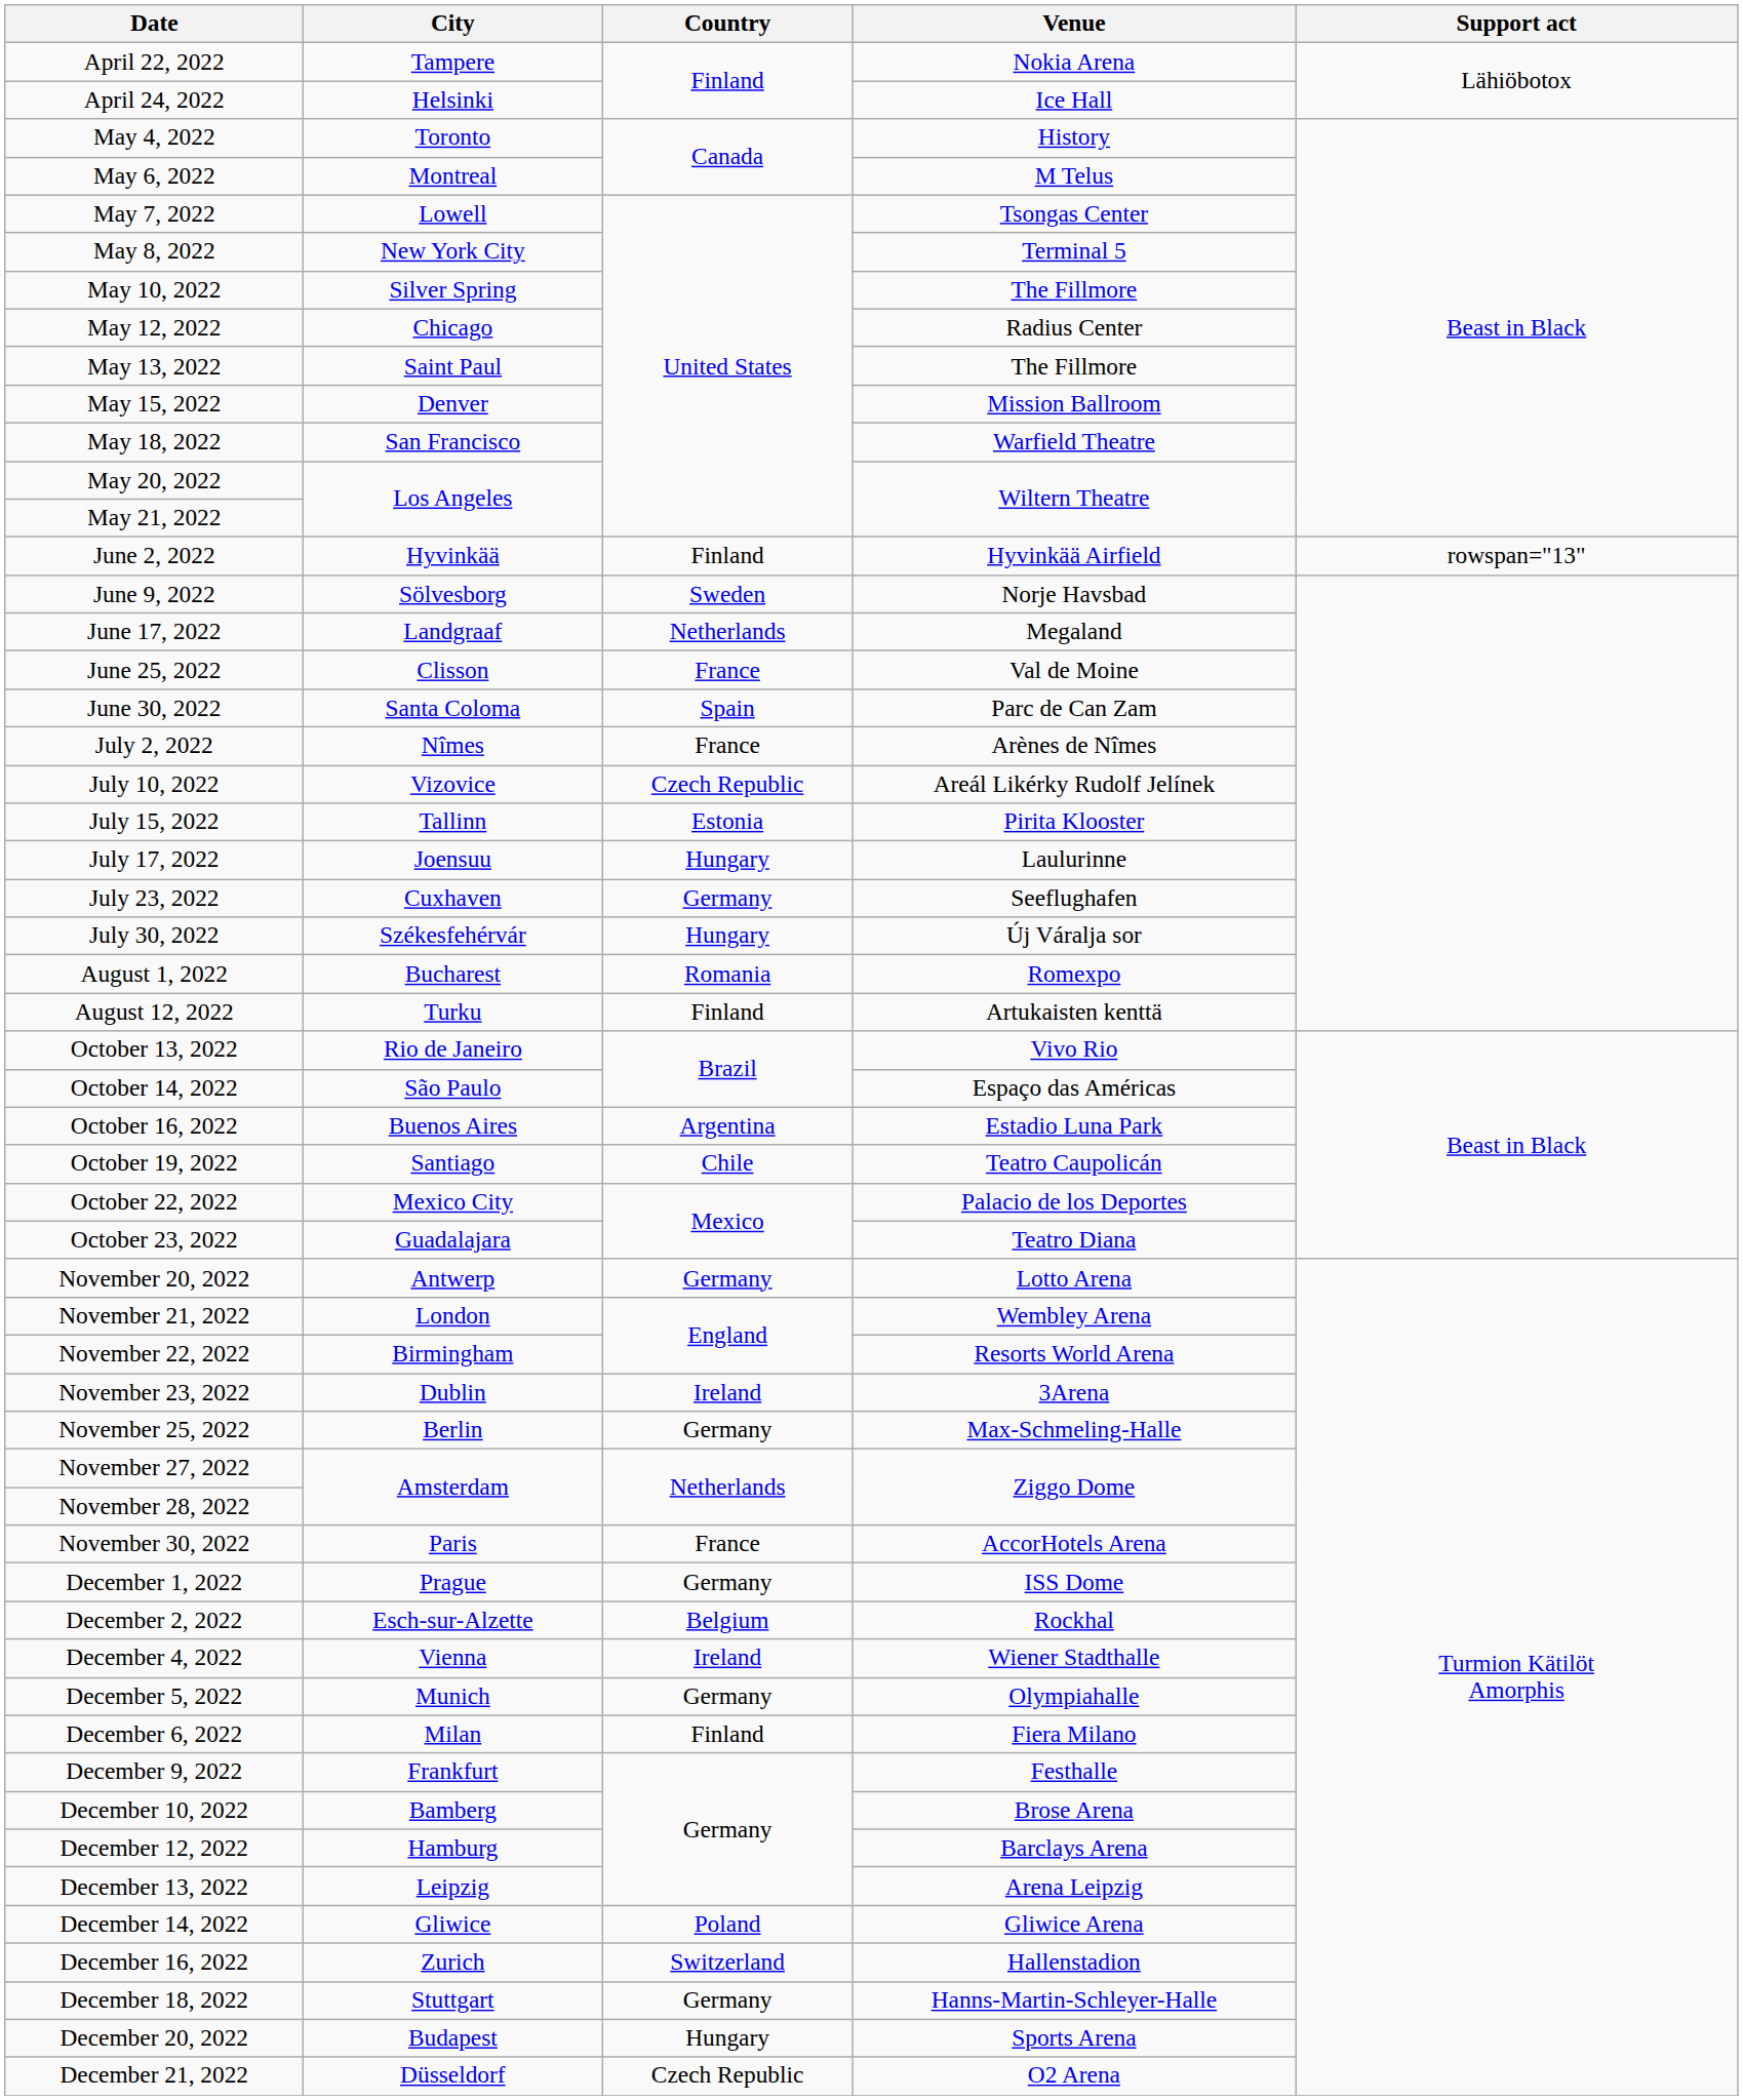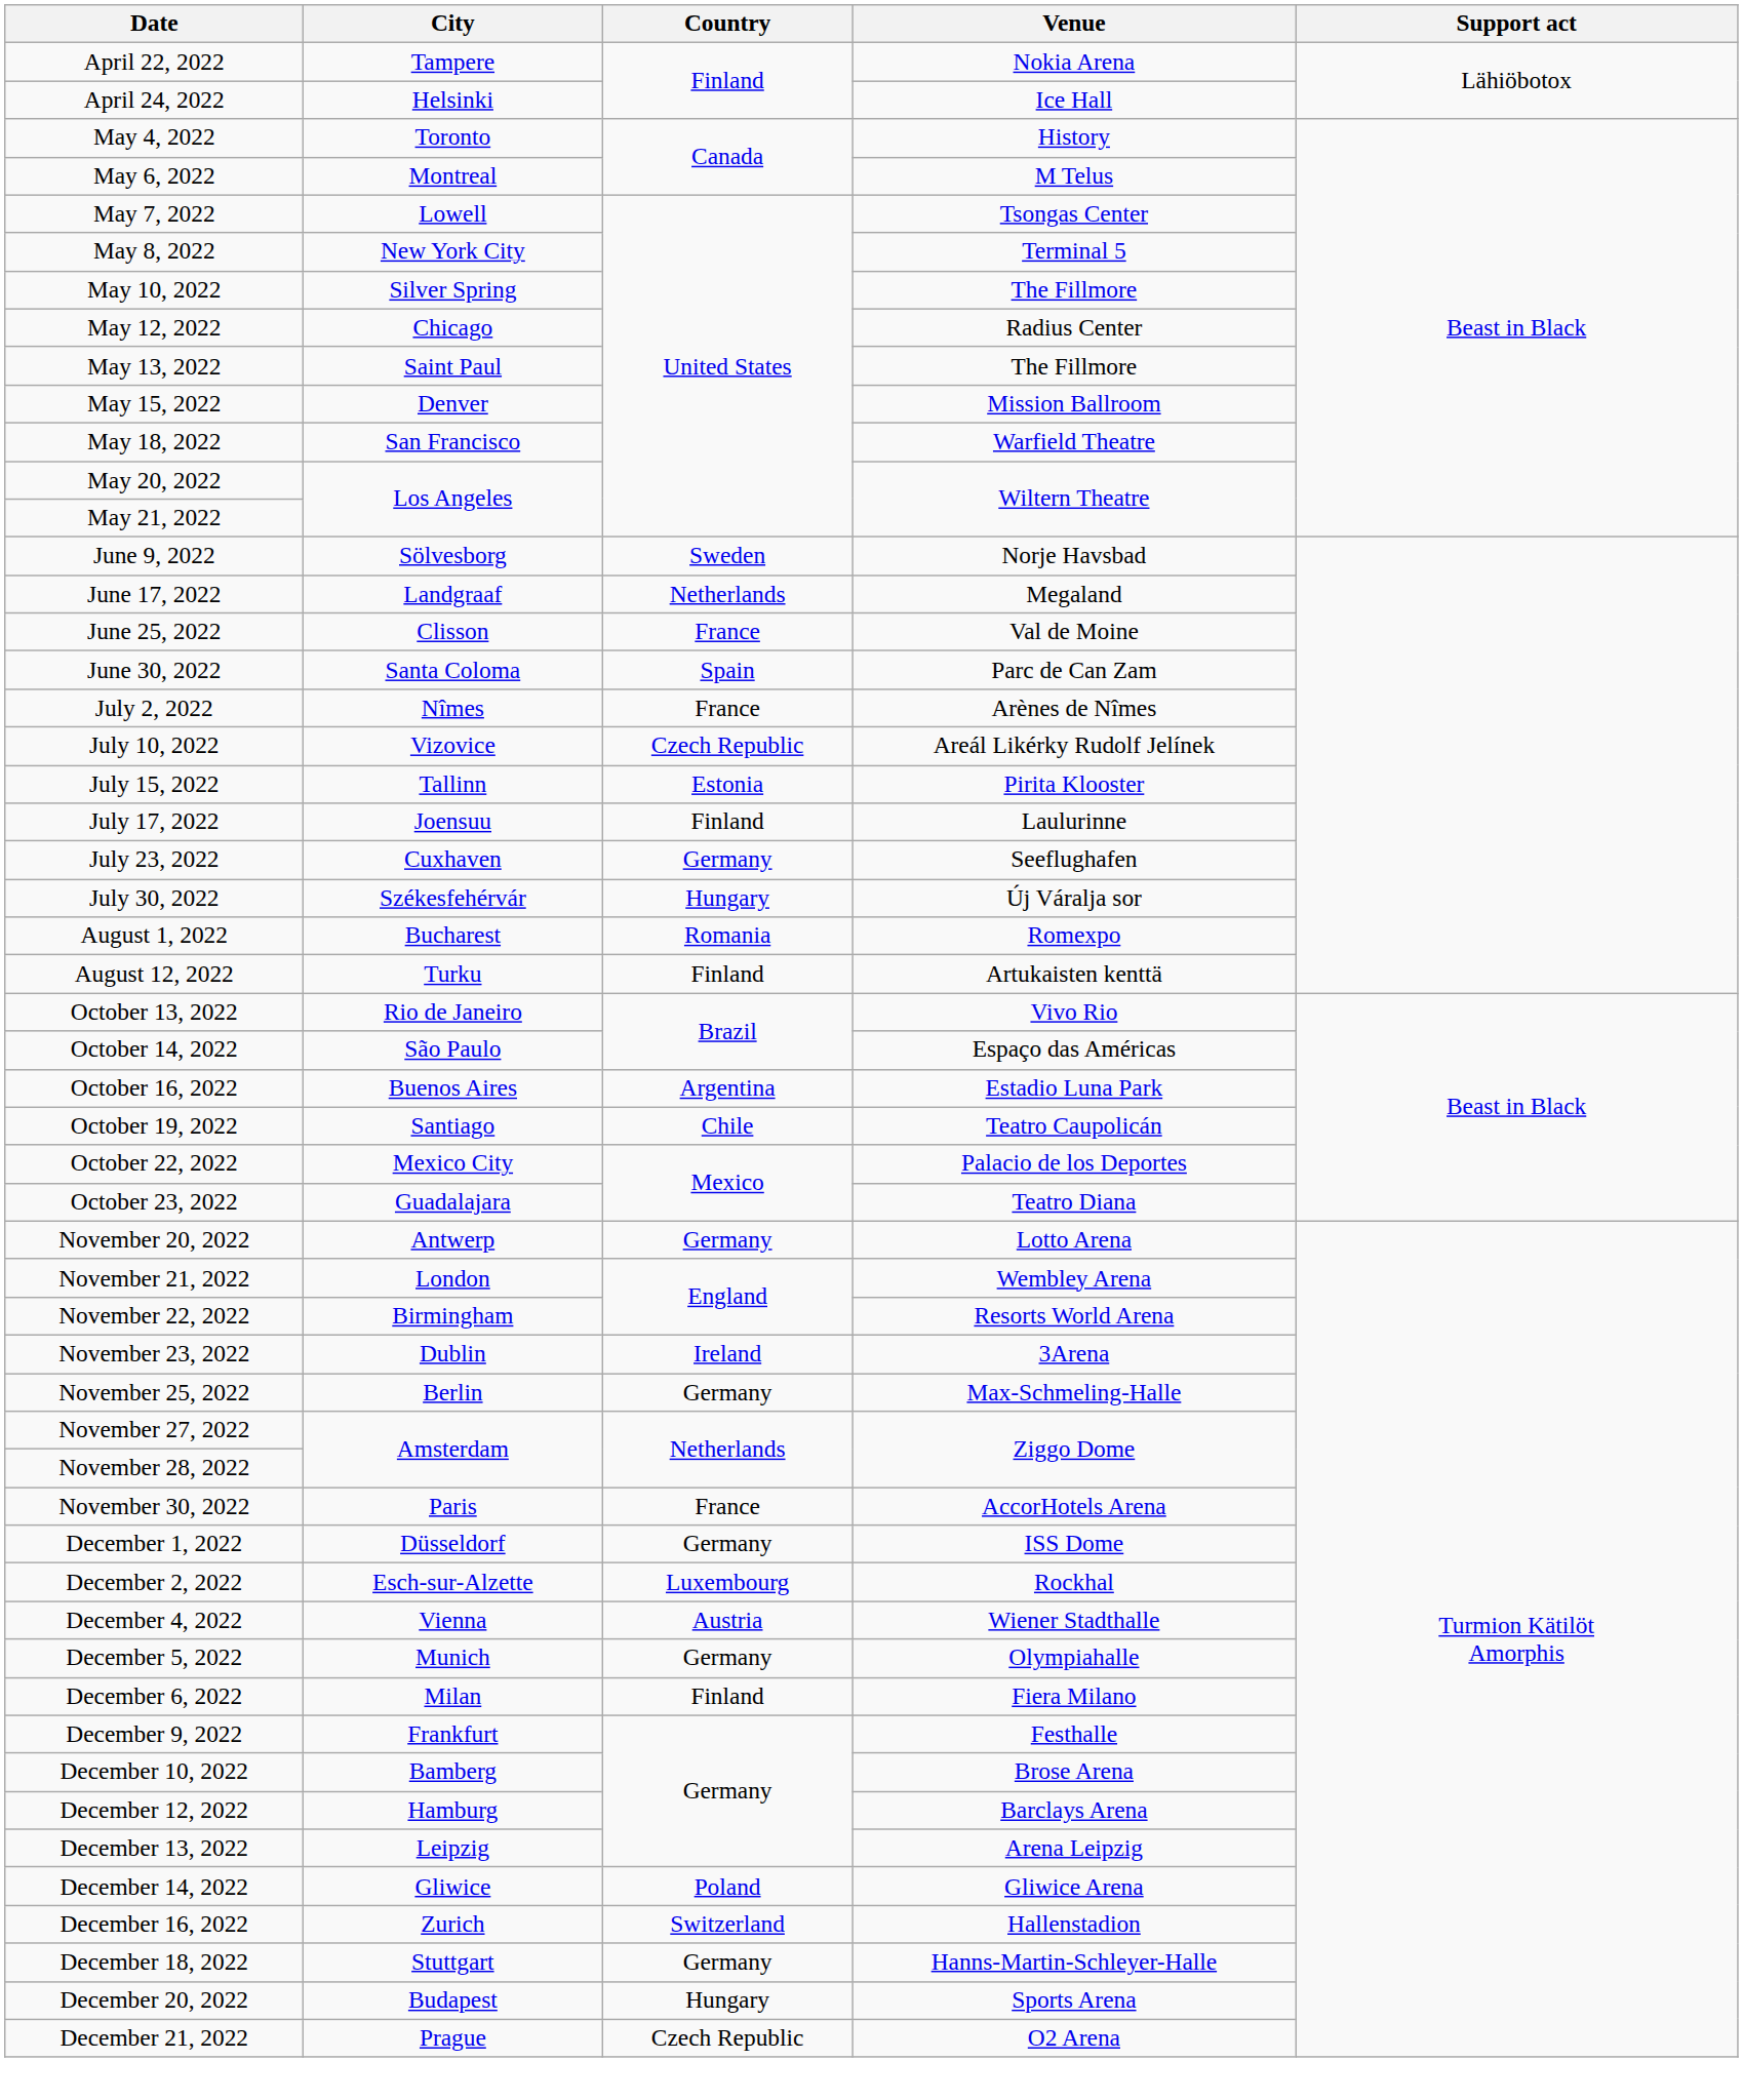 <table class="wikitable plainrowheaders" style="text-align:center;">
 <tr>
 <th scope="col" style="width:12em;">Date</th>
 <th scope="col" style="width:12em;">City</th>
 <th scope="col" style="width:10em;">Country</th>
 <th scope="col" style="width:18em;">Venue</th>
 <th scope="col" style="width:18em;">Support act</th>
 </tr>
 <tr>
 <td>April 22, 2022</td>
 <td><a href='#'>Tampere</a></td>
 <td rowspan="2"><a href='#'>Finland</a></td>
 <td><a href='#'>Nokia Arena</a></td>
 <td rowspan="2">Lähiöbotox<br></td>
 </tr>
 <tr>
 <td>April 24, 2022</td>
 <td><a href='#'>Helsinki</a></td>
 <td><a href='#'>Ice Hall</a></td>
 </tr>
 <tr>
 <td>May 4, 2022</td>
 <td><a href='#'>Toronto</a></td>
 <td rowspan="2"><a href='#'>Canada</a></td>
 <td><a href='#'>History</a></td>
 <td rowspan="11"><a href='#'>Beast in Black</a></td>
 </tr>
 <tr>
 <td>May 6, 2022</td>
 <td><a href='#'>Montreal</a></td>
 <td><a href='#'>M Telus</a></td>
 </tr>
 <tr>
 <td>May 7, 2022</td>
 <td><a href='#'>Lowell</a></td>
 <td rowspan="9"><a href='#'>United States</a></td>
 <td><a href='#'>Tsongas Center</a></td>
 </tr>
 <tr>
 <td>May 8, 2022</td>
 <td><a href='#'>New York City</a></td>
 <td><a href='#'>Terminal 5</a></td>
 </tr>
 <tr>
 <td>May 10, 2022</td>
 <td><a href='#'>Silver Spring</a></td>
 <td><a href='#'>The Fillmore</a></td>
 </tr>
 <tr>
 <td>May 12, 2022</td>
 <td><a href='#'>Chicago</a></td>
 <td>Radius Center</td>
 </tr>
 <tr>
 <td>May 13, 2022</td>
 <td><a href='#'>Saint Paul</a></td>
 <td>The Fillmore</td>
 </tr>
 <tr>
 <td>May 15, 2022</td>
 <td><a href='#'>Denver</a></td>
 <td><a href='#'>Mission Ballroom</a></td>
 </tr>
 <tr>
 <td>May 18, 2022</td>
 <td><a href='#'>San Francisco</a></td>
 <td><a href='#'>Warfield Theatre</a></td>
 </tr>
 <tr>
 <td>May 20, 2022</td>
 <td rowspan="2"><a href='#'>Los Angeles</a></td>
 <td rowspan="2"><a href='#'>Wiltern Theatre</a></td>
 </tr>
 <tr>
 <td>May 21, 2022</td>
 </tr>
 <tr>
-<td>June 2, 2022</td>
-<td><a href='#'>Hyvinkää</a></td>
-<td>Finland</td>
-<td><a href='#'>Hyvinkää Airfield</a></td>
-<td>rowspan="13" </td>
-</tr>
-<tr>
 <td>June 9, 2022</td>
 <td><a href='#'>Sölvesborg</a></td>
 <td><a href='#'>Sweden</a></td>
 <td>Norje Havsbad</td>
 </tr>
 <tr>
 <td>June 17, 2022</td>
 <td><a href='#'>Landgraaf</a></td>
 <td><a href='#'>Netherlands</a></td>
 <td>Megaland</td>
 </tr>
 <tr>
 <td>June 25, 2022</td>
 <td><a href='#'>Clisson</a></td>
 <td><a href='#'>France</a></td>
 <td>Val de Moine</td>
 </tr>
 <tr>
 <td>June 30, 2022</td>
 <td><a href='#'>Santa Coloma</a></td>
 <td><a href='#'>Spain</a></td>
 <td>Parc de Can Zam</td>
 </tr>
 <tr>
 <td>July 2, 2022</td>
 <td><a href='#'>Nîmes</a></td>
 <td>France</td>
 <td>Arènes de Nîmes</td>
 </tr>
 <tr>
 <td>July 10, 2022</td>
 <td><a href='#'>Vizovice</a></td>
 <td><a href='#'>Czech Republic</a></td>
 <td>Areál Likérky Rudolf Jelínek</td>
 </tr>
 <tr>
 <td>July 15, 2022</td>
 <td><a href='#'>Tallinn</a></td>
 <td><a href='#'>Estonia</a></td>
 <td><a href='#'>Pirita Klooster</a></td>
 </tr>
 <tr>
 <td>July 17, 2022</td>
 <td><a href='#'>Joensuu</a></td>
-<td><a href='#'>Hungary</a></td>
+<td>Finland</td>
 <td>Laulurinne</td>
 </tr>
 <tr>
 <td>July 23, 2022</td>
 <td><a href='#'>Cuxhaven</a></td>
 <td><a href='#'>Germany</a></td>
 <td>Seeflughafen</td>
 </tr>
 <tr>
 <td>July 30, 2022</td>
 <td><a href='#'>Székesfehérvár</a></td>
 <td><a href='#'>Hungary</a></td>
 <td>Új Váralja sor</td>
 </tr>
 <tr>
 <td>August 1, 2022</td>
 <td><a href='#'>Bucharest</a></td>
 <td><a href='#'>Romania</a></td>
 <td><a href='#'>Romexpo</a></td>
 </tr>
 <tr>
 <td>August 12, 2022</td>
 <td><a href='#'>Turku</a></td>
 <td>Finland</td>
 <td>Artukaisten kenttä</td>
 </tr>
 <tr>
 <td>October 13, 2022</td>
 <td><a href='#'>Rio de Janeiro</a></td>
 <td rowspan="2"><a href='#'>Brazil</a></td>
 <td><a href='#'>Vivo Rio</a></td>
 <td rowspan="6"><a href='#'>Beast in Black</a></td>
 </tr>
 <tr>
 <td>October 14, 2022</td>
 <td><a href='#'>São Paulo</a></td>
 <td>Espaço das Américas</td>
 </tr>
 <tr>
 <td>October 16, 2022</td>
 <td><a href='#'>Buenos Aires</a></td>
 <td><a href='#'>Argentina</a></td>
 <td><a href='#'>Estadio Luna Park</a></td>
 </tr>
 <tr>
 <td>October 19, 2022</td>
 <td><a href='#'>Santiago</a></td>
 <td><a href='#'>Chile</a></td>
 <td><a href='#'>Teatro Caupolicán</a></td>
 </tr>
 <tr>
 <td>October 22, 2022</td>
 <td><a href='#'>Mexico City</a></td>
 <td rowspan="2"><a href='#'>Mexico</a></td>
 <td><a href='#'>Palacio de los Deportes</a></td>
 </tr>
 <tr>
 <td>October 23, 2022</td>
 <td><a href='#'>Guadalajara</a></td>
 <td><a href='#'>Teatro Diana</a></td>
 </tr>
 <tr>
 <td>November 20, 2022</td>
 <td><a href='#'>Antwerp</a></td>
 <td><a href='#'>Germany</a></td>
 <td><a href='#'>Lotto Arena</a></td>
 <td rowspan="22"><a href='#'>Turmion Kätilöt</a><br><a href='#'>Amorphis</a></td>
 </tr>
 <tr>
 <td>November 21, 2022</td>
 <td><a href='#'>London</a></td>
 <td rowspan="2"><a href='#'>England</a></td>
 <td><a href='#'>Wembley Arena</a></td>
 </tr>
 <tr>
 <td>November 22, 2022</td>
 <td><a href='#'>Birmingham</a></td>
 <td><a href='#'>Resorts World Arena</a></td>
 </tr>
 <tr>
 <td>November 23, 2022</td>
 <td><a href='#'>Dublin</a></td>
 <td><a href='#'>Ireland</a></td>
 <td><a href='#'>3Arena</a></td>
 </tr>
 <tr>
 <td>November 25, 2022</td>
 <td><a href='#'>Berlin</a></td>
 <td>Germany</td>
 <td><a href='#'>Max-Schmeling-Halle</a></td>
 </tr>
 <tr>
 <td>November 27, 2022</td>
 <td rowspan="2"><a href='#'>Amsterdam</a></td>
 <td rowspan="2"><a href='#'>Netherlands</a></td>
 <td rowspan="2"><a href='#'>Ziggo Dome</a></td>
 </tr>
 <tr>
 <td>November 28, 2022</td>
 </tr>
 <tr>
 <td>November 30, 2022</td>
 <td><a href='#'>Paris</a></td>
 <td>France</td>
 <td><a href='#'>AccorHotels Arena</a></td>
 </tr>
 <tr>
 <td>December 1, 2022</td>
-<td><a href='#'>Prague</a></td>
+<td><a href='#'>Düsseldorf</a></td>
 <td>Germany</td>
 <td><a href='#'>ISS Dome</a></td>
 </tr>
 <tr>
 <td>December 2, 2022</td>
 <td><a href='#'>Esch-sur-Alzette</a></td>
-<td><a href='#'>Belgium</a></td>
+<td><a href='#'>Luxembourg</a></td>
 <td><a href='#'>Rockhal</a></td>
 </tr>
 <tr>
 <td>December 4, 2022</td>
 <td><a href='#'>Vienna</a></td>
-<td><a href='#'>Ireland</a></td>
+<td><a href='#'>Austria</a></td>
 <td><a href='#'>Wiener Stadthalle</a></td>
 </tr>
 <tr>
 <td>December 5, 2022</td>
 <td><a href='#'>Munich</a></td>
 <td>Germany</td>
 <td><a href='#'>Olympiahalle</a></td>
 </tr>
 <tr>
 <td>December 6, 2022</td>
 <td><a href='#'>Milan</a></td>
 <td>Finland</td>
 <td><a href='#'>Fiera Milano</a></td>
 </tr>
 <tr>
 <td>December 9, 2022</td>
 <td><a href='#'>Frankfurt</a></td>
 <td rowspan="4">Germany</td>
 <td><a href='#'>Festhalle</a></td>
 </tr>
 <tr>
 <td>December 10, 2022</td>
 <td><a href='#'>Bamberg</a></td>
 <td><a href='#'>Brose Arena</a></td>
 </tr>
 <tr>
 <td>December 12, 2022</td>
 <td><a href='#'>Hamburg</a></td>
 <td><a href='#'>Barclays Arena</a></td>
 </tr>
 <tr>
 <td>December 13, 2022</td>
 <td><a href='#'>Leipzig</a></td>
 <td><a href='#'>Arena Leipzig</a></td>
 </tr>
 <tr>
 <td>December 14, 2022</td>
 <td><a href='#'>Gliwice</a></td>
 <td><a href='#'>Poland</a></td>
 <td><a href='#'>Gliwice Arena</a></td>
 </tr>
 <tr>
 <td>December 16, 2022</td>
 <td><a href='#'>Zurich</a></td>
 <td><a href='#'>Switzerland</a></td>
 <td><a href='#'>Hallenstadion</a></td>
 </tr>
 <tr>
 <td>December 18, 2022</td>
 <td><a href='#'>Stuttgart</a></td>
 <td>Germany</td>
 <td><a href='#'>Hanns-Martin-Schleyer-Halle</a></td>
 </tr>
 <tr>
 <td>December 20, 2022</td>
 <td><a href='#'>Budapest</a></td>
 <td>Hungary</td>
 <td><a href='#'>Sports Arena</a></td>
 </tr>
 <tr>
 <td>December 21, 2022</td>
-<td><a href='#'>Düsseldorf</a></td>
+<td><a href='#'>Prague</a></td>
 <td>Czech Republic</td>
 <td><a href='#'>O2 Arena</a></td>
 </tr>
 </table>
